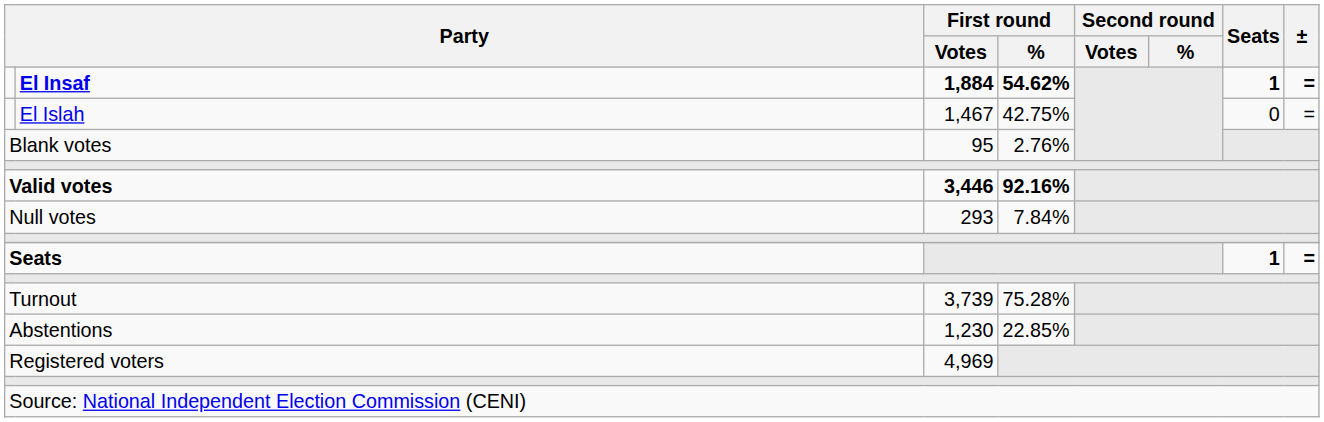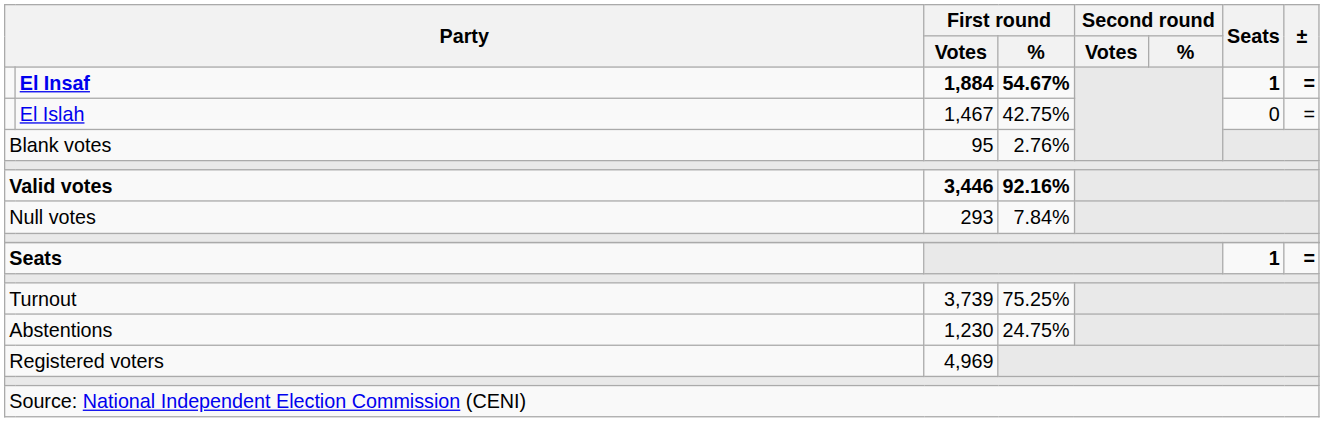 <table class="wikitable" style="text-align:right;font-size:95%;">
 <tr>
 <th rowspan="2" colspan="2" width="700">Party</th>
 <th colspan="2">First round</th>
 <th colspan="2">Second round</th>
 <th rowspan="2" width="25">Seats</th>
 <th rowspan="2" width="20">±</th>
 </tr>
 <tr>
 <th width="50">Votes</th>
 <th width="50">%</th>
 <th width="50">Votes</th>
 <th width="50">%</th>
 </tr>
 <tr>
 <td width="1" style="color:inherit;background:"></td>
 <td style="text-align:left;"><strong><a href='#'>El Insaf</a></strong></td>
 <td><strong>1,884</strong></td>
-<td><strong>54.62%</strong></td>
+<td><strong>54.67%</strong></td>
 <td colspan="2" rowspan="3" style="background:#E9E9E9;"></td>
 <td><strong>1</strong></td>
 <td><strong>=</strong></td>
 </tr>
 <tr>
 <td width="1" style="color:inherit;background:"></td>
 <td style="text-align:left;"><a href='#'>El Islah</a></td>
 <td>1,467</td>
 <td>42.75%</td>
 <td>0</td>
 <td>=</td>
 </tr>
 <tr>
 <td colspan="2" style="text-align:left;">Blank votes</td>
 <td>95</td>
 <td>2.76%</td>
 <td colspan="4" style="background:#E9E9E9;"></td>
 </tr>
 <tr>
 <td colspan="8" style="background:#E9E9E9;"></td>
 </tr>
 <tr style="font-weight:bold;">
 <td colspan="2" style="text-align:left;">Valid votes</td>
 <td>3,446</td>
 <td>92.16%</td>
 <td colspan="4" style="background:#E9E9E9;"></td>
 </tr>
 <tr>
 <td colspan="2" style="text-align:left;">Null votes</td>
 <td>293</td>
 <td>7.84%</td>
 <td colspan="4" style="background:#E9E9E9;"></td>
 </tr>
 <tr>
 <td colspan="8" style="background:#E9E9E9;"></td>
 </tr>
 <tr>
 </tr>
 <tr style="font-weight:bold;">
 <td colspan="2" style="text-align:left;">Seats</td>
 <td colspan="4" style="background:#E9E9E9;"></td>
 <td>1</td>
 <td>=</td>
 </tr>
 <tr>
 <td colspan="8" style="background:#E9E9E9;"></td>
 </tr>
 <tr>
 <td colspan="2" style="text-align:left;">Turnout</td>
 <td>3,739</td>
-<td>75.28%</td>
+<td>75.25%</td>
 <td colspan="4" style="background:#E9E9E9;"></td>
 </tr>
 <tr>
 <td colspan="2" style="text-align:left;">Abstentions</td>
 <td>1,230</td>
-<td>22.85%</td>
+<td>24.75%</td>
 <td colspan="4" style="background:#E9E9E9;"></td>
 </tr>
 <tr>
 <td colspan="2" style="text-align:left;">Registered voters</td>
 <td>4,969</td>
 <td colspan="5" style="background:#E9E9E9;"></td>
 </tr>
 <tr>
 <td colspan="8" style="background:#E9E9E9;"></td>
 </tr>
 <tr>
 <td colspan="8" style="text-align:left;">Source: <a href='#'>National Independent Election Commission</a> (CENI)</td>
 </tr>
 </table>
